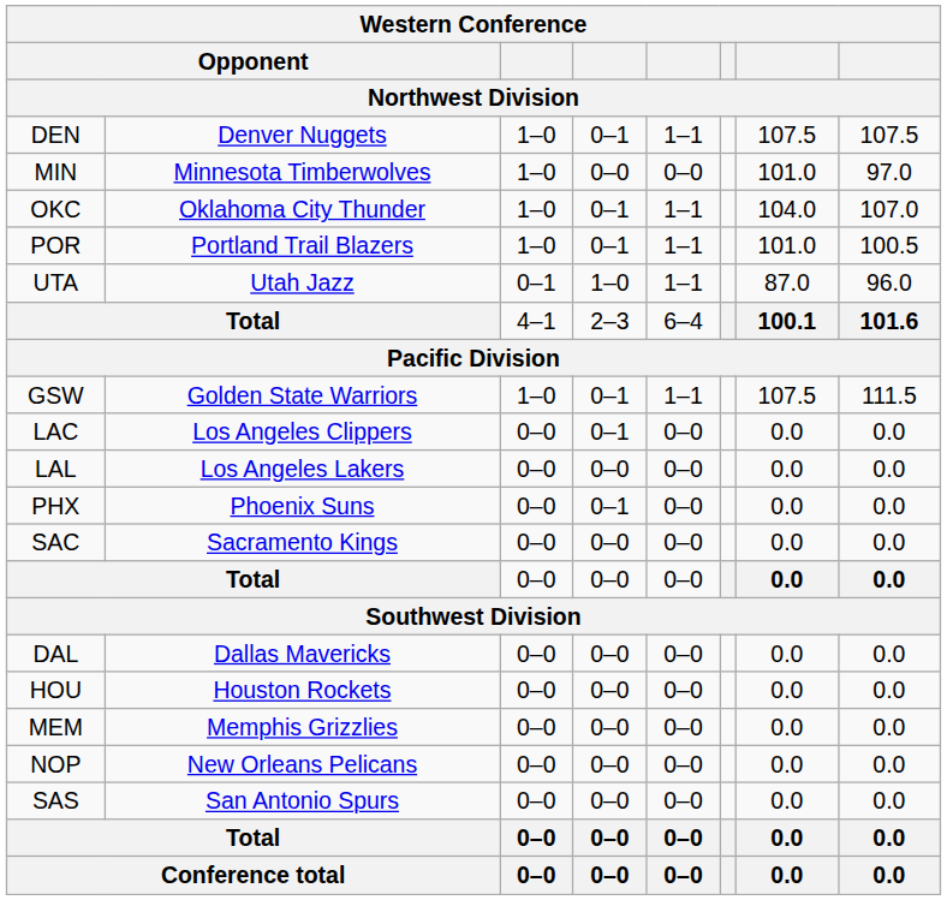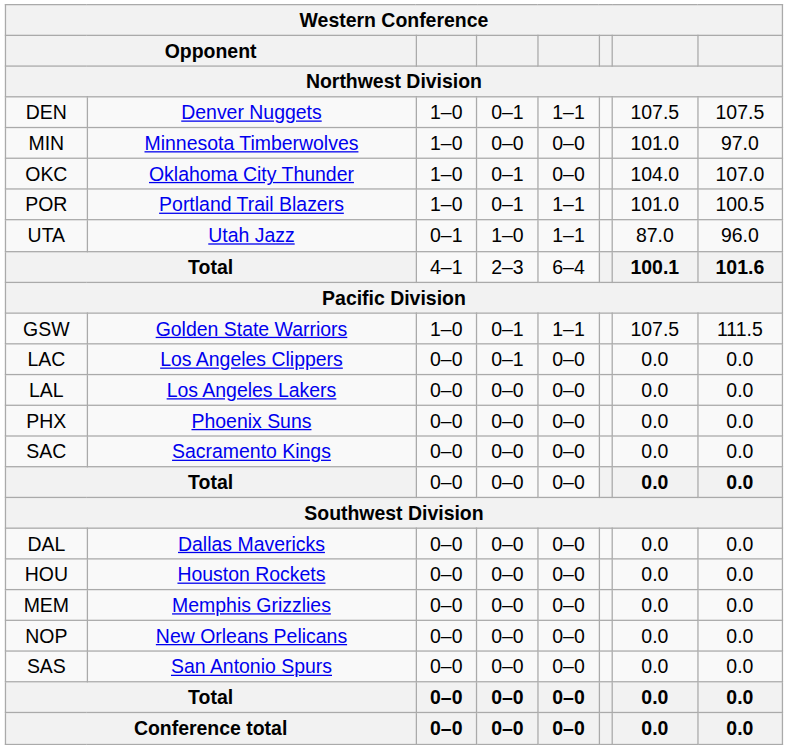 <table class="wikitable" style="margin:1em auto; font-size:95%; text-align:center; width:40em;">
 <tr>
 <th colspan="8">Western Conference</th>
 </tr>
 <tr>
 <th colspan="2">Opponent</th>
 <th></th>
 <th></th>
 <th></th>
 <th></th>
 <th></th>
 <th></th>
 </tr>
 <tr>
 <th colspan="8">Northwest Division</th>
 </tr>
 <tr>
 <td>DEN</td>
 <td><a href='#'>Denver Nuggets</a></td>
 <td>1–0</td>
 <td>0–1</td>
 <td>1–1</td>
 <td></td>
 <td>107.5</td>
 <td>107.5</td>
 </tr>
 <tr>
 <td>MIN</td>
 <td><a href='#'>Minnesota Timberwolves</a></td>
 <td>1–0</td>
 <td>0–0</td>
 <td>0–0</td>
 <td></td>
 <td>101.0</td>
 <td>97.0</td>
 </tr>
 <tr>
 <td>OKC</td>
 <td><a href='#'>Oklahoma City Thunder</a></td>
 <td>1–0</td>
 <td>0–1</td>
-<td>1–1</td>
+<td>0–0</td>
 <td></td>
 <td>104.0</td>
 <td>107.0</td>
 </tr>
 <tr>
 <td>POR</td>
 <td><a href='#'>Portland Trail Blazers</a></td>
 <td>1–0</td>
 <td>0–1</td>
 <td>1–1</td>
 <td></td>
 <td>101.0</td>
 <td>100.5</td>
 </tr>
 <tr>
 <td>UTA</td>
 <td><a href='#'>Utah Jazz</a></td>
 <td>0–1</td>
 <td>1–0</td>
 <td>1–1</td>
 <td></td>
 <td>87.0</td>
 <td>96.0</td>
 </tr>
 <tr>
 <th colspan="2">Total</th>
 <td>4–1</td>
 <td>2–3</td>
 <td>6–4</td>
 <th></th>
 <th>100.1</th>
 <th>101.6</th>
 </tr>
 <tr>
 <th colspan="8">Pacific Division</th>
 </tr>
 <tr>
 <td>GSW</td>
 <td><a href='#'>Golden State Warriors</a></td>
 <td>1–0</td>
 <td>0–1</td>
 <td>1–1</td>
 <td></td>
 <td>107.5</td>
 <td>111.5</td>
 </tr>
 <tr>
 <td>LAC</td>
 <td><a href='#'>Los Angeles Clippers</a></td>
 <td>0–0</td>
 <td>0–1</td>
 <td>0–0</td>
 <td></td>
 <td>0.0</td>
 <td>0.0</td>
 </tr>
 <tr>
 <td>LAL</td>
 <td><a href='#'>Los Angeles Lakers</a></td>
 <td>0–0</td>
 <td>0–0</td>
 <td>0–0</td>
 <td></td>
 <td>0.0</td>
 <td>0.0</td>
 </tr>
 <tr>
 <td>PHX</td>
 <td><a href='#'>Phoenix Suns</a></td>
 <td>0–0</td>
-<td>0–1</td>
+<td>0–0</td>
 <td>0–0</td>
 <td></td>
 <td>0.0</td>
 <td>0.0</td>
 </tr>
 <tr>
 <td>SAC</td>
 <td><a href='#'>Sacramento Kings</a></td>
 <td>0–0</td>
 <td>0–0</td>
 <td>0–0</td>
 <td></td>
 <td>0.0</td>
 <td>0.0</td>
 </tr>
 <tr>
 <th colspan="2">Total</th>
 <td>0–0</td>
 <td>0–0</td>
 <td>0–0</td>
 <th></th>
 <th>0.0</th>
 <th>0.0</th>
 </tr>
 <tr>
 <th colspan="8">Southwest Division</th>
 </tr>
 <tr>
 <td>DAL</td>
 <td><a href='#'>Dallas Mavericks</a></td>
 <td>0–0</td>
 <td>0–0</td>
 <td>0–0</td>
 <td></td>
 <td>0.0</td>
 <td>0.0</td>
 </tr>
 <tr>
 <td>HOU</td>
 <td><a href='#'>Houston Rockets</a></td>
 <td>0–0</td>
 <td>0–0</td>
 <td>0–0</td>
 <td></td>
 <td>0.0</td>
 <td>0.0</td>
 </tr>
 <tr>
 <td>MEM</td>
 <td><a href='#'>Memphis Grizzlies</a></td>
 <td>0–0</td>
 <td>0–0</td>
 <td>0–0</td>
 <td></td>
 <td>0.0</td>
 <td>0.0</td>
 </tr>
 <tr>
 <td>NOP</td>
 <td><a href='#'>New Orleans Pelicans</a></td>
 <td>0–0</td>
 <td>0–0</td>
 <td>0–0</td>
 <td></td>
 <td>0.0</td>
 <td>0.0</td>
 </tr>
 <tr>
 <td>SAS</td>
 <td><a href='#'>San Antonio Spurs</a></td>
 <td>0–0</td>
 <td>0–0</td>
 <td>0–0</td>
 <td></td>
 <td>0.0</td>
 <td>0.0</td>
 </tr>
 <tr>
 <th colspan="2">Total</th>
 <th>0–0</th>
 <th>0–0</th>
 <th>0–0</th>
 <th></th>
 <th>0.0</th>
 <th>0.0</th>
 </tr>
 <tr>
 <th colspan="2">Conference total</th>
 <th>0–0</th>
 <th>0–0</th>
 <th>0–0</th>
 <th></th>
 <th>0.0</th>
 <th>0.0</th>
 </tr>
 </table>
